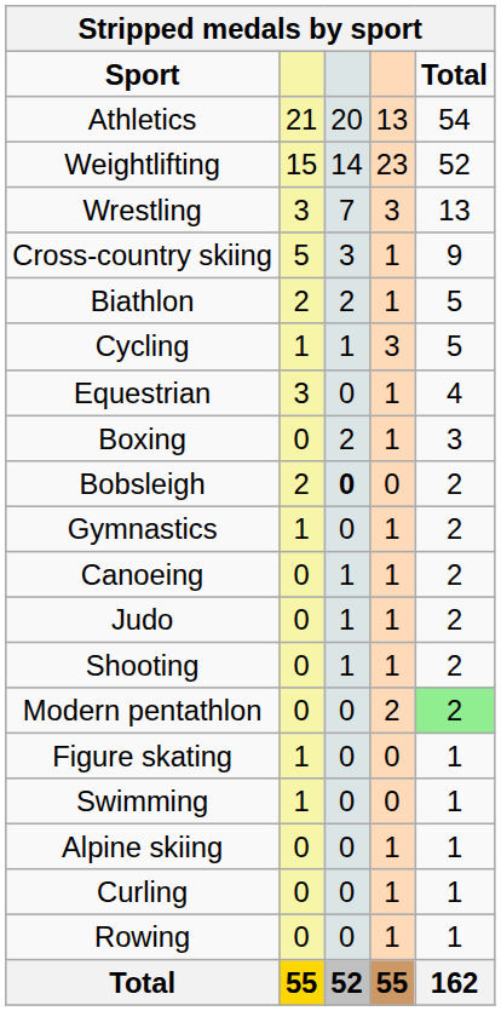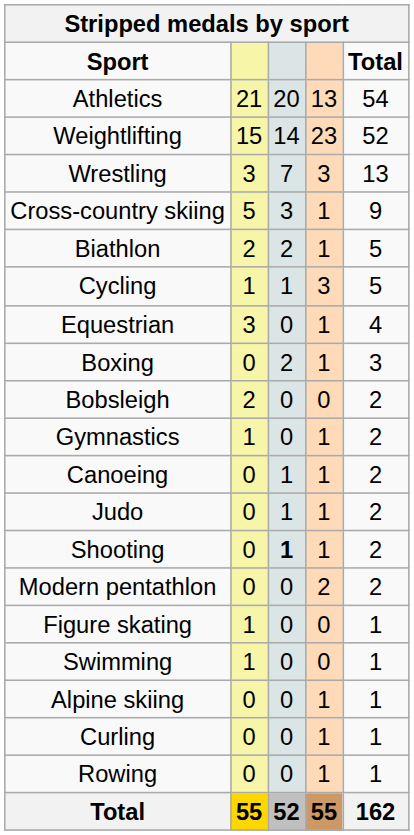 <table class="wikitable" style="font-size:95%;">
 <tr style="background:#efefef;">
 <th colspan=5>Stripped medals by sport</th>
 </tr>
 <tr align=center>
 <td><strong>Sport</strong></td>
 <td style="background:#f7f6a8;"></td>
 <td style="background:#dce5e5;"></td>
 <td style="background:#ffdab9;"></td>
 <td><strong>Total</strong></td>
 </tr>
 <tr align=center>
 <td>Athletics</td>
 <td style="background:#F7F6A8;">21</td>
 <td style="background:#DCE5E5;">20</td>
 <td style="background:#FFDAB9;">13</td>
 <td>54</td>
 </tr>
 <tr align=center>
 <td>Weightlifting</td>
 <td style="background:#F7F6A8;">15</td>
 <td style="background:#DCE5E5;">14</td>
 <td style="background:#FFDAB9;">23</td>
 <td>52</td>
 </tr>
 <tr align="center">
 <td>Wrestling</td>
 <td style="background:#F7F6A8;">3</td>
 <td style="background:#DCE5E5;">7</td>
 <td style="background:#FFDAB9;">3</td>
 <td>13</td>
 </tr>
 <tr align="center">
 <td>Cross-country skiing</td>
 <td style="background:#F7F6A8;">5</td>
 <td style="background:#DCE5E5;">3</td>
 <td style="background:#FFDAB9;">1</td>
 <td>9</td>
 </tr>
 <tr align="center">
 <td>Biathlon</td>
 <td style="background:#F7F6A8;">2</td>
 <td style="background:#DCE5E5;">2</td>
 <td style="background:#FFDAB9;">1</td>
 <td>5</td>
 </tr>
 <tr align="center">
 <td>Cycling</td>
 <td style="background:#F7F6A8;">1</td>
 <td style="background:#DCE5E5;">1</td>
 <td style="background:#FFDAB9;">3</td>
 <td>5</td>
 </tr>
 <tr align="center">
 <td>Equestrian</td>
 <td style="background:#F7F6A8;">3</td>
 <td style="background:#DCE5E5;">0</td>
 <td style="background:#FFDAB9;">1</td>
 <td>4</td>
 </tr>
 <tr align="center">
 <td>Boxing</td>
 <td style="background:#F7F6A8;">0</td>
 <td style="background:#DCE5E5;">2</td>
 <td style="background:#FFDAB9;">1</td>
 <td>3</td>
 </tr>
 <tr align="center">
 <td>Bobsleigh</td>
 <td style="background:#F7F6A8;">2</td>
-<td style="background:#DCE5E5;"><strong>0</strong></td>
+<td style="background:#DCE5E5;">0</td>
 <td style="background:#FFDAB9;">0</td>
 <td>2</td>
 </tr>
 <tr align="center">
 <td>Gymnastics</td>
 <td style="background:#F7F6A8;">1</td>
 <td style="background:#DCE5E5;">0</td>
 <td style="background:#FFDAB9;">1</td>
 <td>2</td>
 </tr>
 <tr align="center">
 <td>Canoeing</td>
 <td style="background:#F7F6A8;">0</td>
 <td style="background:#DCE5E5;">1</td>
 <td style="background:#FFDAB9;">1</td>
 <td>2</td>
 </tr>
 <tr align="center">
 <td>Judo</td>
 <td style="background:#F7F6A8;">0</td>
 <td style="background:#DCE5E5;">1</td>
 <td style="background:#FFDAB9;">1</td>
 <td>2</td>
 </tr>
 <tr align="center">
 <td>Shooting</td>
 <td style="background:#F7F6A8;">0</td>
-<td style="background:#DCE5E5;">1</td>
+<td style="background:#DCE5E5;"><strong>1</strong></td>
 <td style="background:#FFDAB9;">1</td>
 <td>2</td>
 </tr>
 <tr align="center">
 <td>Modern pentathlon</td>
 <td style="background:#F7F6A8;">0</td>
 <td style="background:#DCE5E5;">0</td>
 <td style="background:#FFDAB9;">2</td>
-<td style="background: lightgreen;">2</td>
+<td>2</td>
 </tr>
 <tr align="center">
 <td>Figure skating</td>
 <td style="background:#F7F6A8;">1</td>
 <td style="background:#DCE5E5;">0</td>
 <td style="background:#FFDAB9;">0</td>
 <td>1</td>
 </tr>
 <tr align="center">
 <td>Swimming</td>
 <td style="background:#F7F6A8;">1</td>
 <td style="background:#DCE5E5;">0</td>
 <td style="background:#FFDAB9;">0</td>
 <td>1</td>
 </tr>
 <tr align=center>
 <td>Alpine skiing</td>
 <td style="background:#F7F6A8;">0</td>
 <td style="background:#DCE5E5;">0</td>
 <td style="background:#FFDAB9;">1</td>
 <td>1</td>
 </tr>
 <tr align="center">
 <td>Curling</td>
 <td style="background:#F7F6A8;">0</td>
 <td style="background:#DCE5E5;">0</td>
 <td style="background:#FFDAB9;">1</td>
 <td>1</td>
 </tr>
 <tr align=center>
 <td>Rowing</td>
 <td style="background:#F7F6A8;">0</td>
 <td style="background:#DCE5E5;">0</td>
 <td style="background:#FFDAB9;">1</td>
 <td>1</td>
 </tr>
 <tr align="center">
 <th><strong>Total</strong></th>
 <th style="background:gold;">55</th>
 <th style="background:silver;">52</th>
 <th style="background:#c96;">55</th>
 <th>162</th>
 </tr>
 </table>
